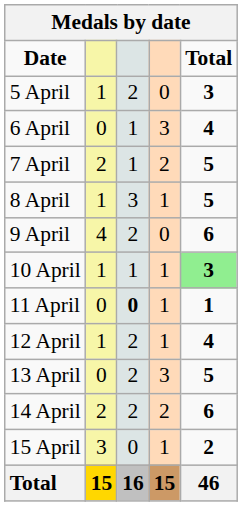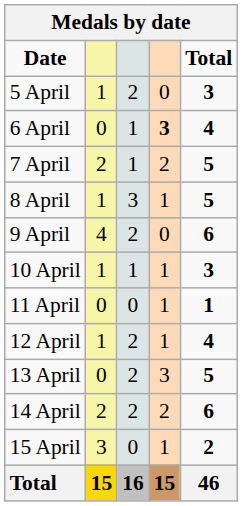 <table class="wikitable" style="text-align:center;font-size:90%">
 <tr style="background:#efefef;">
 <th colspan=7>Medals by date</th>
 </tr>
 <tr>
 <td><strong>Date</strong></td>
 <td bgcolor=#f7f6a8></td>
 <td bgcolor=#dce5e5></td>
 <td bgcolor=#ffdab9></td>
 <td><strong>Total</strong></td>
 </tr>
 <tr>
 <td style="text-align:left;">5 April</td>
 <td style="background:#F7F6A8;">1</td>
 <td style="background:#DCE5E5;">2</td>
 <td style="background:#FFDAB9;">0</td>
 <td><strong>3</strong></td>
 </tr>
 <tr>
 <td style="text-align:left;">6 April</td>
 <td style="background:#F7F6A8;">0</td>
 <td style="background:#DCE5E5;">1</td>
-<td style="background:#FFDAB9;">3</td>
+<td style="background:#FFDAB9;"><strong>3</strong></td>
 <td><strong>4</strong></td>
 </tr>
 <tr>
 <td style="text-align:left;">7 April</td>
 <td style="background:#F7F6A8;">2</td>
 <td style="background:#DCE5E5;">1</td>
 <td style="background:#FFDAB9;">2</td>
 <td><strong>5</strong></td>
 </tr>
 <tr>
 <td style="text-align:left;">8 April</td>
 <td style="background:#F7F6A8;">1</td>
 <td style="background:#DCE5E5;">3</td>
 <td style="background:#FFDAB9;">1</td>
 <td><strong>5</strong></td>
 </tr>
 <tr>
 <td style="text-align:left;">9 April</td>
 <td style="background:#F7F6A8;">4</td>
 <td style="background:#DCE5E5;">2</td>
 <td style="background:#FFDAB9;">0</td>
 <td><strong>6</strong></td>
 </tr>
 <tr>
 <td style="text-align:left;">10 April</td>
 <td style="background:#F7F6A8;">1</td>
 <td style="background:#DCE5E5;">1</td>
 <td style="background:#FFDAB9;">1</td>
-<td style="background: lightgreen;"><strong>3</strong></td>
+<td><strong>3</strong></td>
 </tr>
 <tr>
 <td style="text-align:left;">11 April</td>
 <td style="background:#F7F6A8;">0</td>
-<td style="background:#DCE5E5;"><strong>0</strong></td>
+<td style="background:#DCE5E5;">0</td>
 <td style="background:#FFDAB9;">1</td>
 <td><strong>1</strong></td>
 </tr>
 <tr>
 <td style="text-align:left;">12 April</td>
 <td style="background:#F7F6A8;">1</td>
 <td style="background:#DCE5E5;">2</td>
 <td style="background:#FFDAB9;">1</td>
 <td><strong>4</strong></td>
 </tr>
 <tr>
 <td style="text-align:left;">13 April</td>
 <td style="background:#F7F6A8;">0</td>
 <td style="background:#DCE5E5;">2</td>
 <td style="background:#FFDAB9;">3</td>
 <td><strong>5</strong></td>
 </tr>
 <tr>
 <td style="text-align:left;">14 April</td>
 <td style="background:#F7F6A8;">2</td>
 <td style="background:#DCE5E5;">2</td>
 <td style="background:#FFDAB9;">2</td>
 <td><strong>6</strong></td>
 </tr>
 <tr>
 <td style="text-align:left;">15 April</td>
 <td style="background:#F7F6A8;">3</td>
 <td style="background:#DCE5E5;">0</td>
 <td style="background:#FFDAB9;">1</td>
 <td><strong>2</strong></td>
 </tr>
 <tr>
 <th style="text-align:left;">Total</th>
 <th style="background:gold;">15</th>
 <th style="background:silver;">16</th>
 <th style="background:#c96;">15</th>
 <th>46</th>
 </tr>
 </table>
